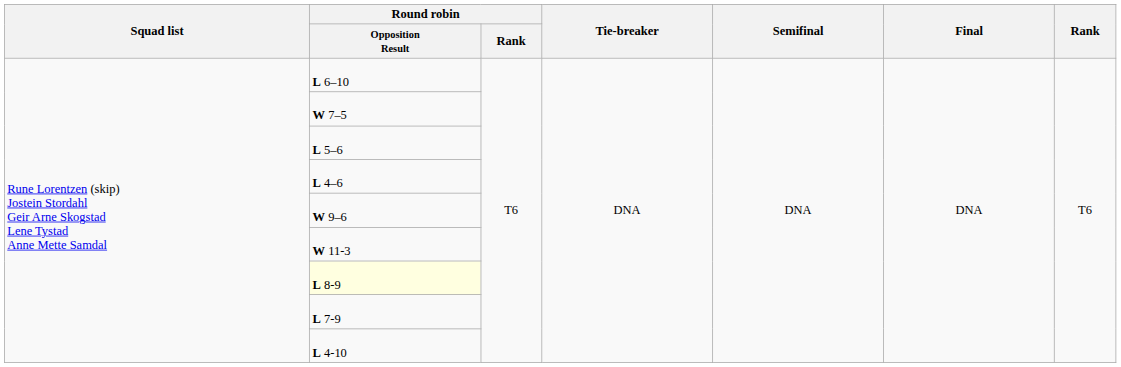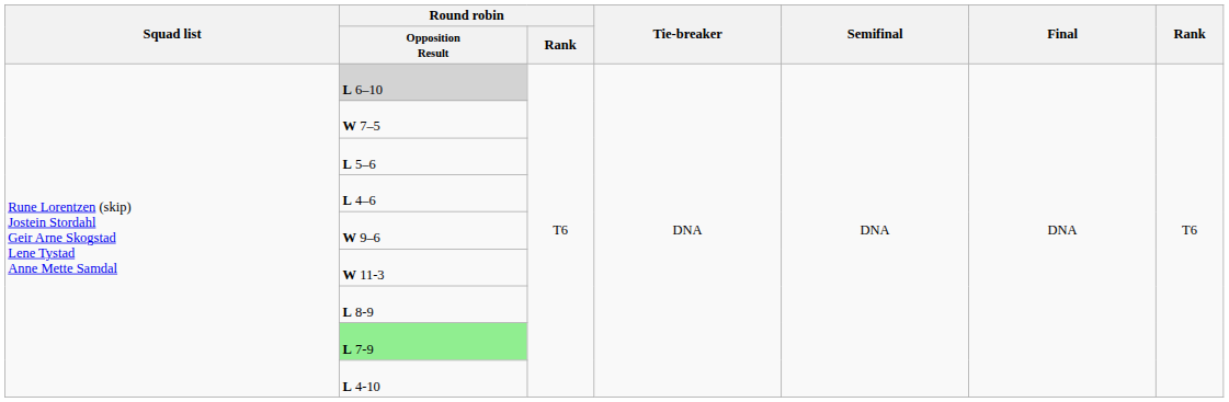 <table class="wikitable" width="90%" style="text-align:left; font-size:100%">
 <tr>
 <th rowspan="2" width="25%">Squad list</th>
 <th colspan="2">Round robin</th>
 <th rowspan="2" width="14%">Tie-breaker</th>
 <th rowspan="2" width="14%">Semifinal</th>
 <th rowspan="2" width="14%">Final</th>
 <th rowspan="2" width="5%">Rank</th>
 </tr>
 <tr>
 <th width="14%"><small>Opposition<br>Result</small></th>
 <th width="5%">Rank</th>
 </tr>
 <tr>
 <td rowspan="9"><br><a href='#'>Rune Lorentzen</a> (skip)<br><a href='#'>Jostein Stordahl</a><br><a href='#'>Geir Arne Skogstad</a><br><a href='#'>Lene Tystad</a><br><a href='#'>Anne Mette Samdal</a></td>
-<td><br><strong>L</strong> 6–10</td>
+<td style="background: lightgrey;"><br><strong>L</strong> 6–10</td>
 <td rowspan="9" align=center>T6</td>
 <td rowspan="9" align=center>DNA</td>
 <td rowspan="9" align=center>DNA</td>
 <td rowspan="9" align=center>DNA</td>
 <td rowspan="9" align="center">T6</td>
 </tr>
 <tr>
 <td><br><strong>W</strong> 7–5</td>
 </tr>
 <tr>
 <td><br><strong>L</strong> 5–6</td>
 </tr>
 <tr>
 <td><br><strong>L</strong> 4–6</td>
 </tr>
 <tr>
 <td><br><strong>W</strong> 9–6</td>
 </tr>
 <tr>
 <td><br><strong>W</strong> 11-3</td>
 </tr>
 <tr>
-<td style="background: lightyellow;"><br><strong>L</strong> 8-9</td>
+<td><br><strong>L</strong> 8-9</td>
 </tr>
 <tr>
-<td><br><strong>L</strong> 7-9</td>
+<td style="background: lightgreen;"><br><strong>L</strong> 7-9</td>
 </tr>
 <tr>
 <td><br><strong>L</strong> 4-10</td>
 </tr>
 </table>
